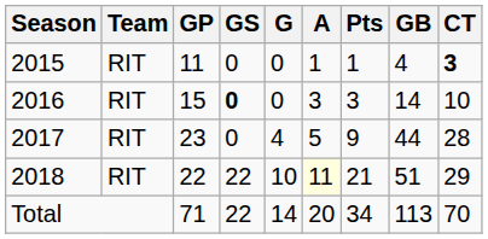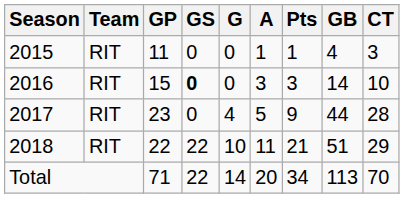 <table class="wikitable">
 <tr>
 <th>Season</th>
 <th>Team</th>
 <th>GP</th>
 <th>GS</th>
 <th>G</th>
 <th>A</th>
 <th>Pts</th>
 <th>GB</th>
 <th>CT</th>
 </tr>
 <tr>
 <td>2015</td>
 <td>RIT</td>
 <td>11</td>
 <td>0</td>
 <td>0</td>
 <td>1</td>
 <td>1</td>
 <td>4</td>
-<td><strong>3</strong></td>
+<td>3</td>
 </tr>
 <tr>
 <td>2016</td>
 <td>RIT</td>
 <td>15</td>
 <td><strong>0</strong></td>
 <td>0</td>
 <td>3</td>
 <td>3</td>
 <td>14</td>
 <td>10</td>
 </tr>
 <tr>
 <td>2017</td>
 <td>RIT</td>
 <td>23</td>
 <td>0</td>
 <td>4</td>
 <td>5</td>
 <td>9</td>
 <td>44</td>
 <td>28</td>
 </tr>
 <tr>
 <td>2018</td>
 <td>RIT</td>
 <td>22</td>
 <td>22</td>
 <td>10</td>
-<td style="background: lightyellow;">11</td>
+<td>11</td>
 <td>21</td>
 <td>51</td>
 <td>29</td>
 </tr>
 <tr>
 <td colspan="2">Total</td>
 <td>71</td>
 <td>22</td>
 <td>14</td>
 <td>20</td>
 <td>34</td>
 <td>113</td>
 <td>70</td>
 </tr>
 </table>
